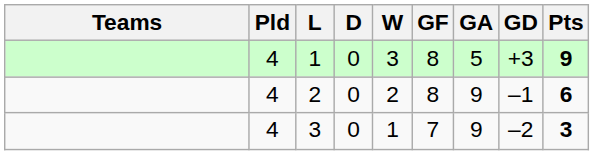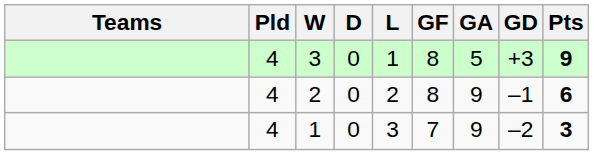 <table class="wikitable" style="text-align: center;">
 <tr>
 <th width=165>Teams</th>
 <th width=20>Pld</th>
+<th width=20>W</th>
+<th width=20>D</th>
 <th width=20>L</th>
-<th width=20>D</th>
-<th width=20>W</th>
 <th width=20>GF</th>
 <th width=20>GA</th>
 <th width=20>GD</th>
 <th width=20>Pts</th>
 </tr>
 <tr align=center style="background:#ccffcc;">
 <td style="text-align:left;"></td>
 <td>4</td>
+<td>3</td>
+<td>0</td>
 <td>1</td>
-<td>0</td>
-<td>3</td>
 <td>8</td>
 <td>5</td>
 <td>+3</td>
 <td><strong>9</strong></td>
 </tr>
 <tr align=center>
 <td style="text-align:left;"></td>
 <td>4</td>
 <td>2</td>
 <td>0</td>
 <td>2</td>
 <td>8</td>
 <td>9</td>
 <td>–1</td>
 <td><strong>6</strong></td>
 </tr>
 <tr align=center>
 <td style="text-align:left;"></td>
 <td>4</td>
+<td>1</td>
+<td>0</td>
 <td>3</td>
-<td>0</td>
-<td>1</td>
 <td>7</td>
 <td>9</td>
 <td>–2</td>
 <td><strong>3</strong></td>
 </tr>
 </table>
